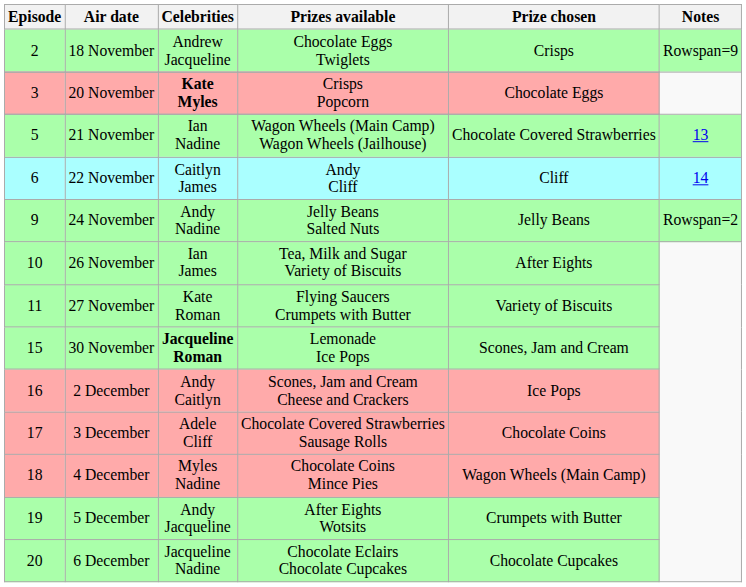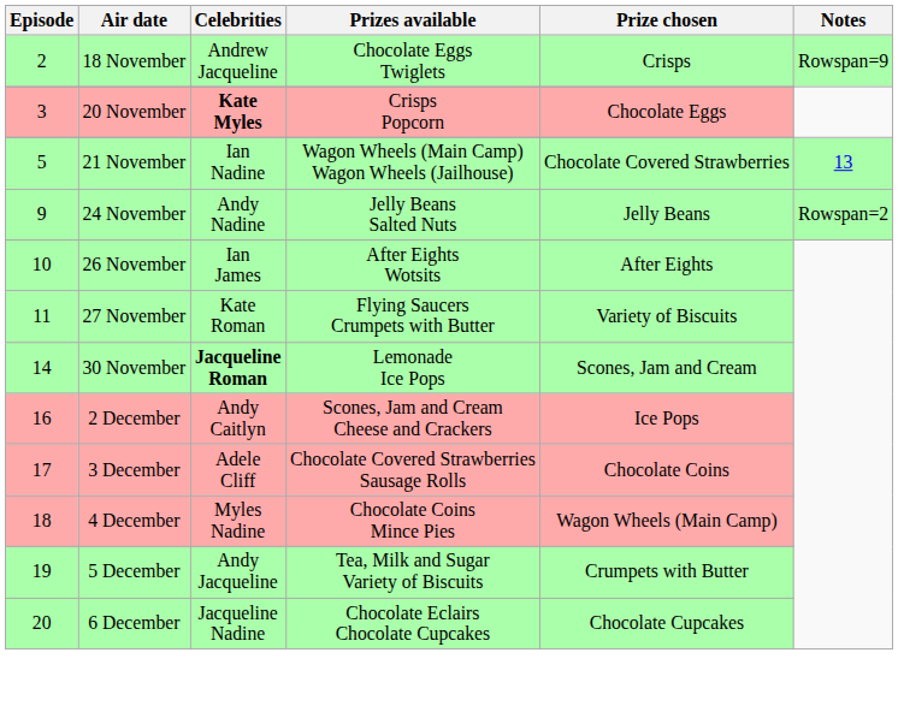 <table class=wikitable style="text-align:center">
 <tr>
 <th>Episode</th>
 <th>Air date</th>
 <th>Celebrities</th>
 <th>Prizes available</th>
 <th>Prize chosen</th>
 <th>Notes</th>
 </tr>
 <tr style="background:#aaffaa;">
 <td>2</td>
 <td>18 November</td>
 <td>Andrew<br>Jacqueline</td>
 <td>Chocolate Eggs<br>Twiglets</td>
 <td>Crisps</td>
 <td>Rowspan=9</td>
 </tr>
 <tr>
 </tr>
 <tr style="background:#faa;">
 <td>3</td>
 <td>20 November</td>
 <td><strong>Kate<br>Myles</strong></td>
 <td>Crisps<br>Popcorn</td>
 <td>Chocolate Eggs</td>
 </tr>
 <tr>
 </tr>
 <tr style="background:#aaffaa;">
 <td>5</td>
 <td>21 November</td>
 <td>Ian<br>Nadine</td>
 <td>Wagon Wheels (Main Camp)<br>Wagon Wheels (Jailhouse)</td>
 <td>Chocolate Covered Strawberries</td>
 <td><a href='#'>13</a></td>
 </tr>
-<tr style="background:#aaffff;">
-<td>6</td>
-<td>22 November</td>
-<td>Caitlyn<br>James</td>
-<td>Andy<br>Cliff</td>
-<td>Cliff</td>
-<td><a href='#'>14</a></td>
-</tr>
 <tr style="background:#aaffaa;">
 <td>9</td>
 <td>24 November</td>
 <td>Andy <br>Nadine</td>
 <td>Jelly Beans<br>Salted Nuts</td>
 <td>Jelly Beans</td>
 <td>Rowspan=2</td>
 </tr>
 <tr style="background:#aaffaa;">
 <td>10</td>
 <td>26 November</td>
 <td>Ian<br>James</td>
-<td>Tea, Milk and Sugar<br>Variety of Biscuits</td>
+<td>After Eights<br>Wotsits</td>
 <td>After Eights</td>
 </tr>
 <tr style="background:#aaffaa;">
 <td>11</td>
 <td>27 November</td>
 <td>Kate<br>Roman</td>
 <td>Flying Saucers<br>Crumpets with Butter</td>
 <td>Variety of Biscuits</td>
 </tr>
 <tr style="background:#aaffaa;">
-<td>15</td>
+<td>14</td>
 <td>30 November</td>
 <td><strong>Jacqueline<br>Roman</strong></td>
 <td>Lemonade<br>Ice Pops</td>
 <td>Scones, Jam and Cream</td>
 </tr>
 <tr style="background:#faa;">
 <td>16</td>
 <td>2 December</td>
 <td>Andy<br>Caitlyn</td>
 <td>Scones, Jam and Cream<br>Cheese and Crackers</td>
 <td>Ice Pops</td>
 </tr>
 <tr style="background:#faa;">
 <td>17</td>
 <td>3 December</td>
 <td>Adele<br>Cliff</td>
 <td>Chocolate Covered Strawberries<br>Sausage Rolls</td>
 <td>Chocolate Coins</td>
 </tr>
 <tr style="background:#faa;">
 <td>18</td>
 <td>4 December</td>
 <td>Myles<br>Nadine</td>
 <td>Chocolate Coins<br>Mince Pies</td>
 <td>Wagon Wheels (Main Camp)</td>
 </tr>
 <tr style="background:#aaffaa;">
 <td>19</td>
 <td>5 December</td>
 <td>Andy<br>Jacqueline</td>
-<td>After Eights<br>Wotsits</td>
+<td>Tea, Milk and Sugar<br>Variety of Biscuits</td>
 <td>Crumpets with Butter</td>
 </tr>
 <tr style="background:#aaffaa;">
 <td>20</td>
 <td>6 December</td>
 <td>Jacqueline<br>Nadine</td>
 <td>Chocolate Eclairs<br>Chocolate Cupcakes</td>
 <td>Chocolate Cupcakes</td>
 </tr>
 </table>
